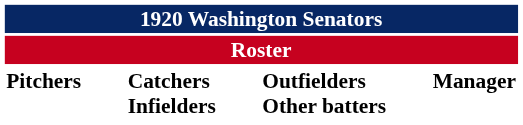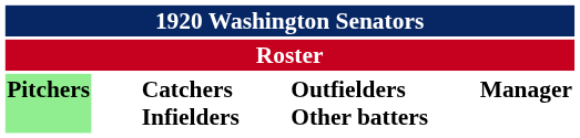 <table class="toccolours" style="font-size: 95%;">
 <tr>
 <th colspan="10" style="background-color: #072764; color: white; text-align: center;">1920 Washington Senators</th>
 </tr>
 <tr>
 <td colspan="10" style="background-color: #c6011f; color: white; text-align: center;"><strong>Roster</strong></td>
 </tr>
 <tr>
-<td valign="top"><strong>Pitchers</strong><br>               </td>
+<td valign="top" style="background: lightgreen;"><strong>Pitchers</strong><br>               </td>
 <td width="25px"></td>
 <td valign="top"><strong>Catchers</strong><br>  <strong>Infielders</strong>              </td>
 <td width="25px"></td>
 <td valign="top"><strong>Outfielders</strong><br>      <strong>Other batters</strong>  </td>
 <td width="25px"></td>
 <td valign="top"><strong>Manager</strong><br></td>
 </tr>
 </table>
